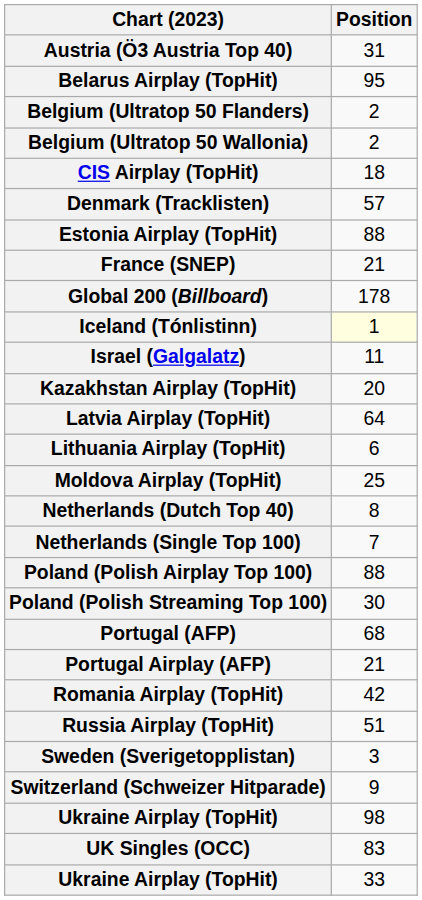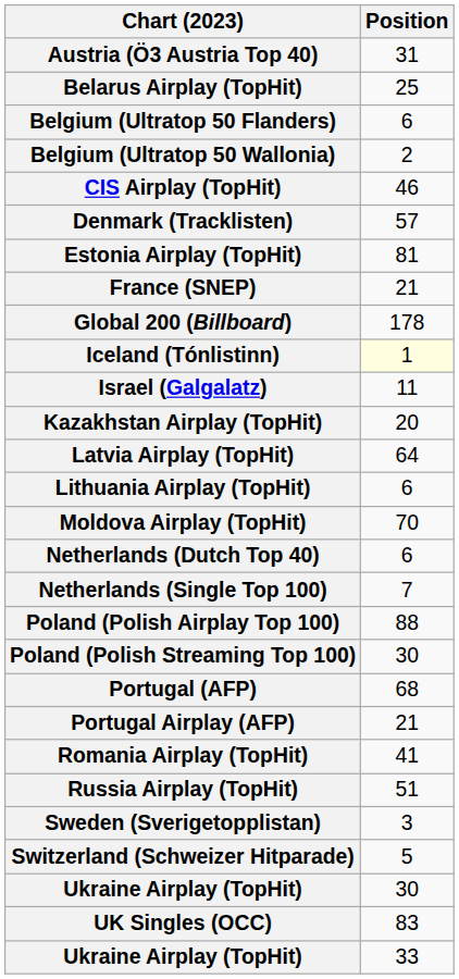 <table class="wikitable sortable plainrowheaders" style="text-align:center">
 <tr>
 <th scope="col">Chart (2023)</th>
 <th scope="col">Position</th>
 </tr>
 <tr>
 <th scope="row">Austria (Ö3 Austria Top 40)</th>
 <td>31</td>
 </tr>
 <tr>
 <th scope="row">Belarus Airplay (TopHit)</th>
-<td>95</td>
+<td>25</td>
 </tr>
 <tr>
 <th scope="row">Belgium (Ultratop 50 Flanders)</th>
-<td>2</td>
+<td>6</td>
 </tr>
 <tr>
 <th scope="row">Belgium (Ultratop 50 Wallonia)</th>
 <td>2</td>
 </tr>
 <tr>
 <th scope="row"><a href='#'>CIS</a> Airplay (TopHit)</th>
-<td>18</td>
+<td>46</td>
 </tr>
 <tr>
 <th scope="row">Denmark (Tracklisten)</th>
 <td>57</td>
 </tr>
 <tr>
 <th scope="row">Estonia Airplay (TopHit)</th>
-<td>88</td>
+<td>81</td>
 </tr>
 <tr>
 <th scope="row">France (SNEP)</th>
 <td>21</td>
 </tr>
 <tr>
 <th scope="row">Global 200 (<em>Billboard</em>)</th>
 <td>178</td>
 </tr>
 <tr>
 <th scope="row">Iceland (Tónlistinn)</th>
 <td style="background: lightyellow;">1</td>
 </tr>
 <tr>
 <th scope="row">Israel (<a href='#'>Galgalatz</a>)</th>
 <td>11</td>
 </tr>
 <tr>
 <th scope="row">Kazakhstan Airplay (TopHit)</th>
 <td>20</td>
 </tr>
 <tr>
 <th scope="row">Latvia Airplay (TopHit)</th>
 <td>64</td>
 </tr>
 <tr>
 <th scope="row">Lithuania Airplay (TopHit)</th>
 <td>6</td>
 </tr>
 <tr>
 <th scope="row">Moldova Airplay (TopHit)</th>
-<td>25</td>
+<td>70</td>
 </tr>
 <tr>
 <th scope="row">Netherlands (Dutch Top 40)</th>
-<td>8</td>
+<td>6</td>
 </tr>
 <tr>
 <th scope="row">Netherlands (Single Top 100)</th>
 <td>7</td>
 </tr>
 <tr>
 <th scope="row">Poland (Polish Airplay Top 100)</th>
 <td>88</td>
 </tr>
 <tr>
 <th scope="row">Poland (Polish Streaming Top 100)</th>
 <td>30</td>
 </tr>
 <tr>
 <th scope="row">Portugal (AFP)</th>
 <td>68</td>
 </tr>
 <tr>
 <th scope="row">Portugal Airplay (AFP)</th>
 <td>21</td>
 </tr>
 <tr>
 <th scope="row">Romania Airplay (TopHit)</th>
-<td>42</td>
+<td>41</td>
 </tr>
 <tr>
 <th scope="row">Russia Airplay (TopHit)</th>
 <td>51</td>
 </tr>
 <tr>
 <th scope="row">Sweden (Sverigetopplistan)</th>
 <td>3</td>
 </tr>
 <tr>
 <th scope="row">Switzerland (Schweizer Hitparade)</th>
-<td>9</td>
+<td>5</td>
 </tr>
 <tr>
 <th scope="row">Ukraine Airplay (TopHit)</th>
-<td>98</td>
+<td>30</td>
 </tr>
 <tr>
 <th scope="row">UK Singles (OCC)</th>
 <td>83</td>
 </tr>
 <tr>
 <th scope="row">Ukraine Airplay (TopHit)</th>
 <td>33</td>
 </tr>
 </table>
